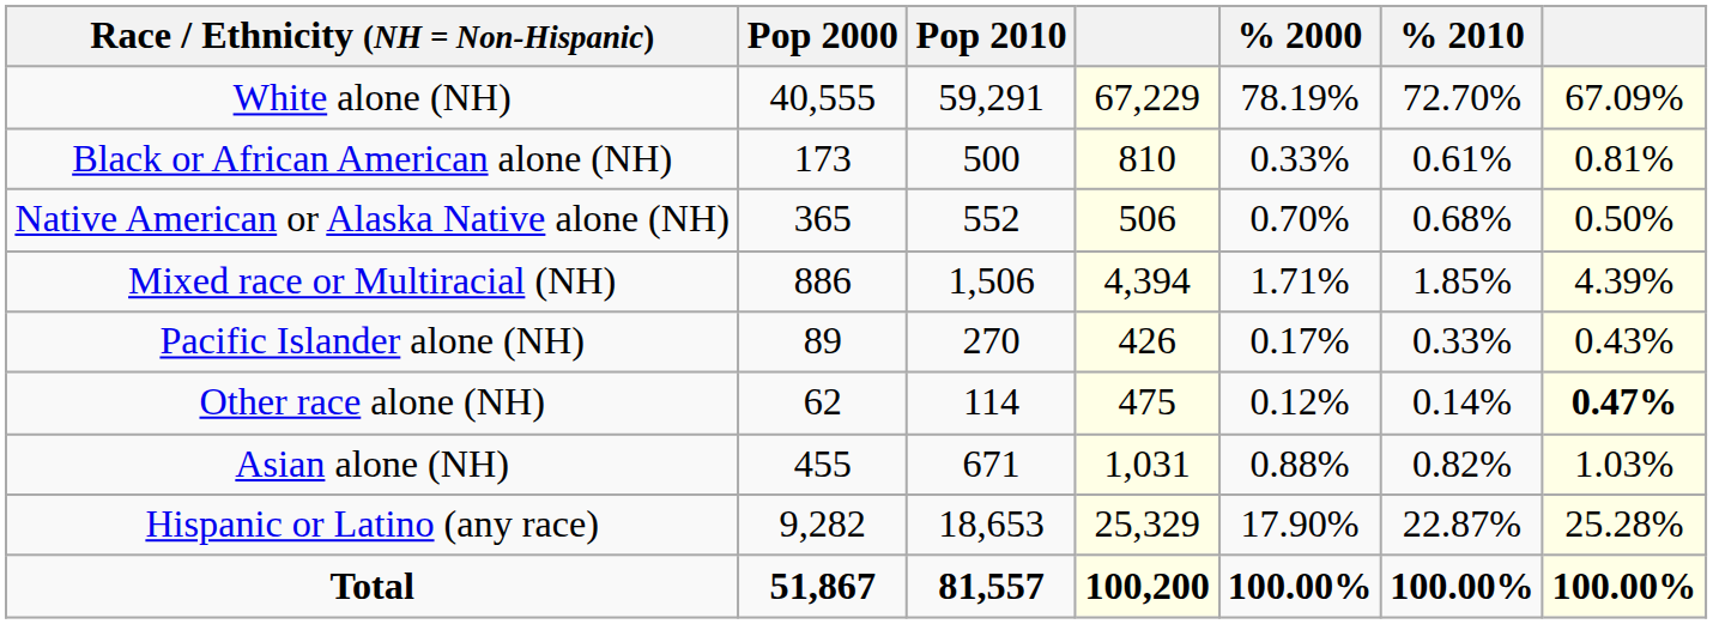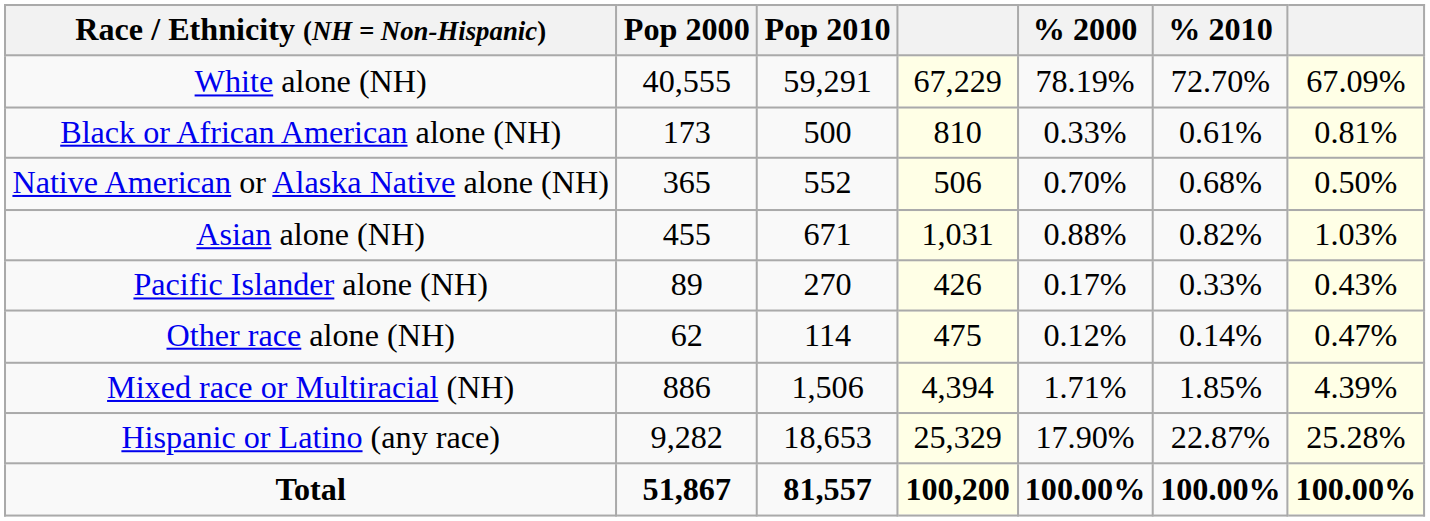 <table class="wikitable" style="text-align:center;">
 <tr>
 <th>Race / Ethnicity <small>(<em>NH = Non-Hispanic</em>)</small></th>
 <th>Pop 2000</th>
 <th>Pop 2010</th>
 <th></th>
 <th>% 2000</th>
 <th>% 2010</th>
 <th></th>
 </tr>
 <tr>
 <td><a href='#'>White</a> alone (NH)</td>
 <td>40,555</td>
 <td>59,291</td>
 <td style='background: #ffffe6;'>67,229</td>
 <td>78.19%</td>
 <td>72.70%</td>
 <td style='background: #ffffe6;'>67.09%</td>
 </tr>
 <tr>
 <td><a href='#'>Black or African American</a> alone (NH)</td>
 <td>173</td>
 <td>500</td>
 <td style='background: #ffffe6;'>810</td>
 <td>0.33%</td>
 <td>0.61%</td>
 <td style='background: #ffffe6;'>0.81%</td>
 </tr>
 <tr>
 <td><a href='#'>Native American</a> or <a href='#'>Alaska Native</a> alone (NH)</td>
 <td>365</td>
 <td>552</td>
 <td style='background: #ffffe6;'>506</td>
 <td>0.70%</td>
 <td>0.68%</td>
 <td style='background: #ffffe6;'>0.50%</td>
 </tr>
 <tr>
-<td><a href='#'>Mixed race or Multiracial</a> (NH)</td>
-<td>886</td>
-<td>1,506</td>
-<td style='background: #ffffe6;'>4,394</td>
-<td>1.71%</td>
-<td>1.85%</td>
-<td style='background: #ffffe6;'>4.39%</td>
+<td><a href='#'>Asian</a> alone (NH)</td>
+<td>455</td>
+<td>671</td>
+<td style='background: #ffffe6;'>1,031</td>
+<td>0.88%</td>
+<td>0.82%</td>
+<td style='background: #ffffe6;'>1.03%</td>
 </tr>
 <tr>
 <td><a href='#'>Pacific Islander</a> alone (NH)</td>
 <td>89</td>
 <td>270</td>
 <td style='background: #ffffe6;'>426</td>
 <td>0.17%</td>
 <td>0.33%</td>
 <td style='background: #ffffe6;'>0.43%</td>
 </tr>
 <tr>
 <td><a href='#'>Other race</a> alone (NH)</td>
 <td>62</td>
 <td>114</td>
 <td style='background: #ffffe6;'>475</td>
 <td>0.12%</td>
 <td>0.14%</td>
-<td style='background: #ffffe6;'><strong>0.47%</strong></td>
+<td style='background: #ffffe6;'>0.47%</td>
 </tr>
 <tr>
-<td><a href='#'>Asian</a> alone (NH)</td>
-<td>455</td>
-<td>671</td>
-<td style='background: #ffffe6;'>1,031</td>
-<td>0.88%</td>
-<td>0.82%</td>
-<td style='background: #ffffe6;'>1.03%</td>
+<td><a href='#'>Mixed race or Multiracial</a> (NH)</td>
+<td>886</td>
+<td>1,506</td>
+<td style='background: #ffffe6;'>4,394</td>
+<td>1.71%</td>
+<td>1.85%</td>
+<td style='background: #ffffe6;'>4.39%</td>
 </tr>
 <tr>
 <td><a href='#'>Hispanic or Latino</a> (any race)</td>
 <td>9,282</td>
 <td>18,653</td>
 <td style='background: #ffffe6;'>25,329</td>
 <td>17.90%</td>
 <td>22.87%</td>
 <td style='background: #ffffe6;'>25.28%</td>
 </tr>
 <tr>
 <td><strong>Total</strong></td>
 <td><strong>51,867</strong></td>
 <td><strong>81,557</strong></td>
 <td style='background: #ffffe6;'><strong>100,200</strong></td>
 <td><strong>100.00%</strong></td>
 <td><strong>100.00%</strong></td>
 <td style='background: #ffffe6;'><strong>100.00%</strong></td>
 </tr>
 </table>
